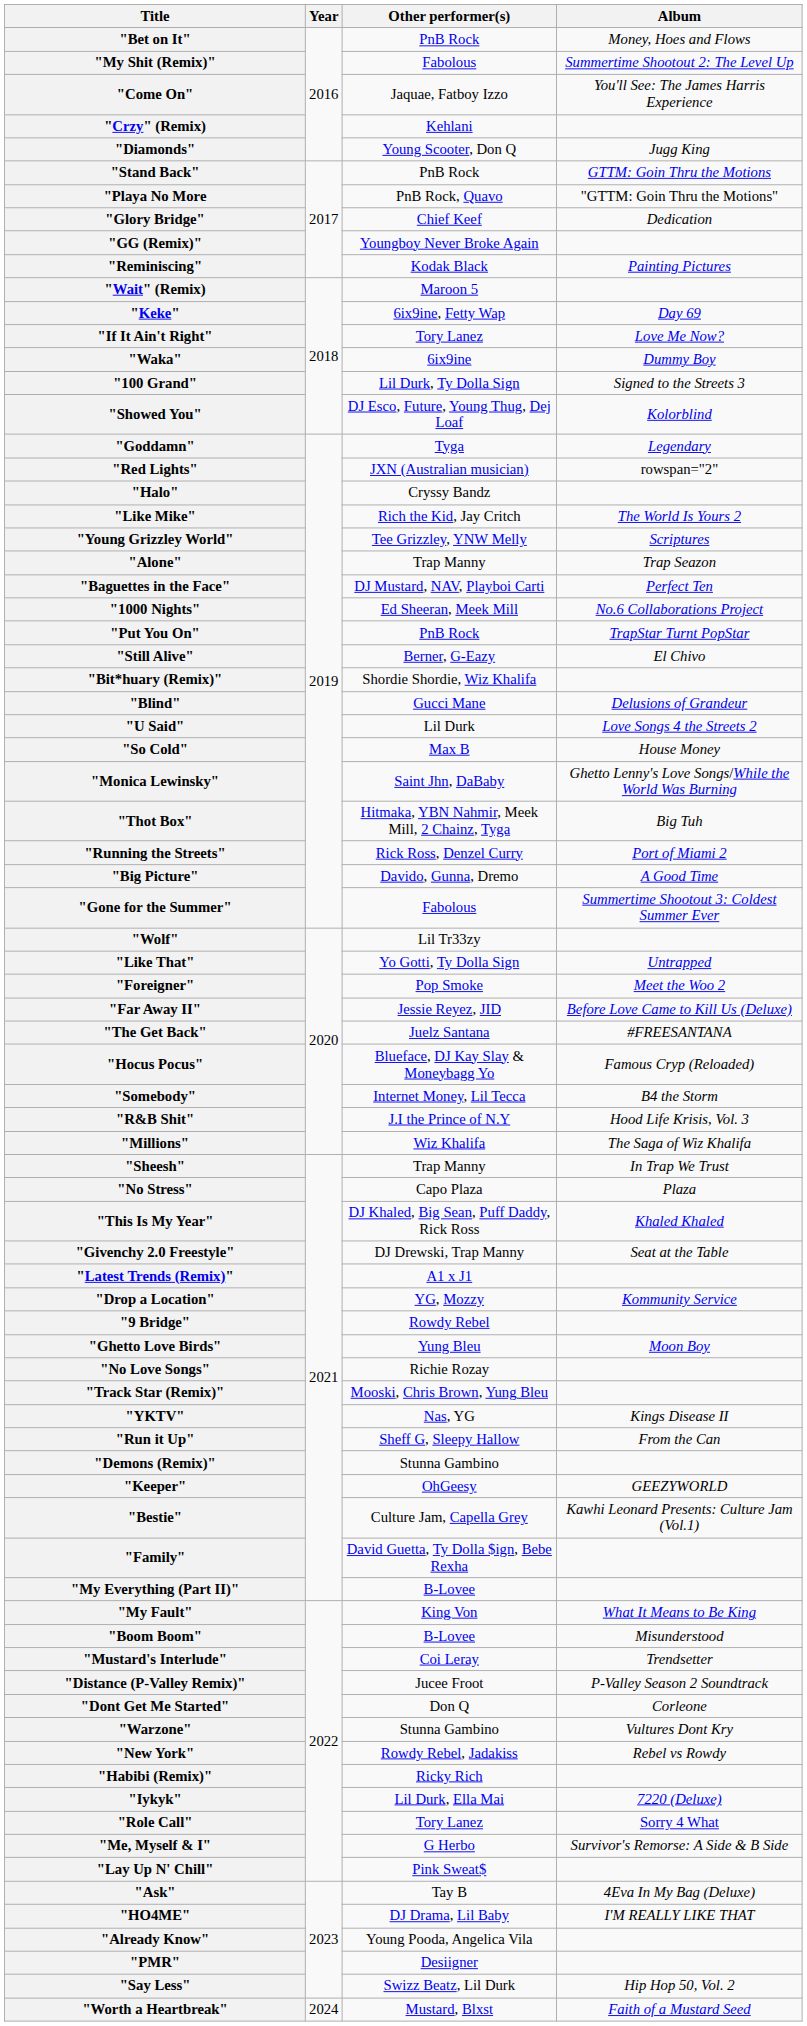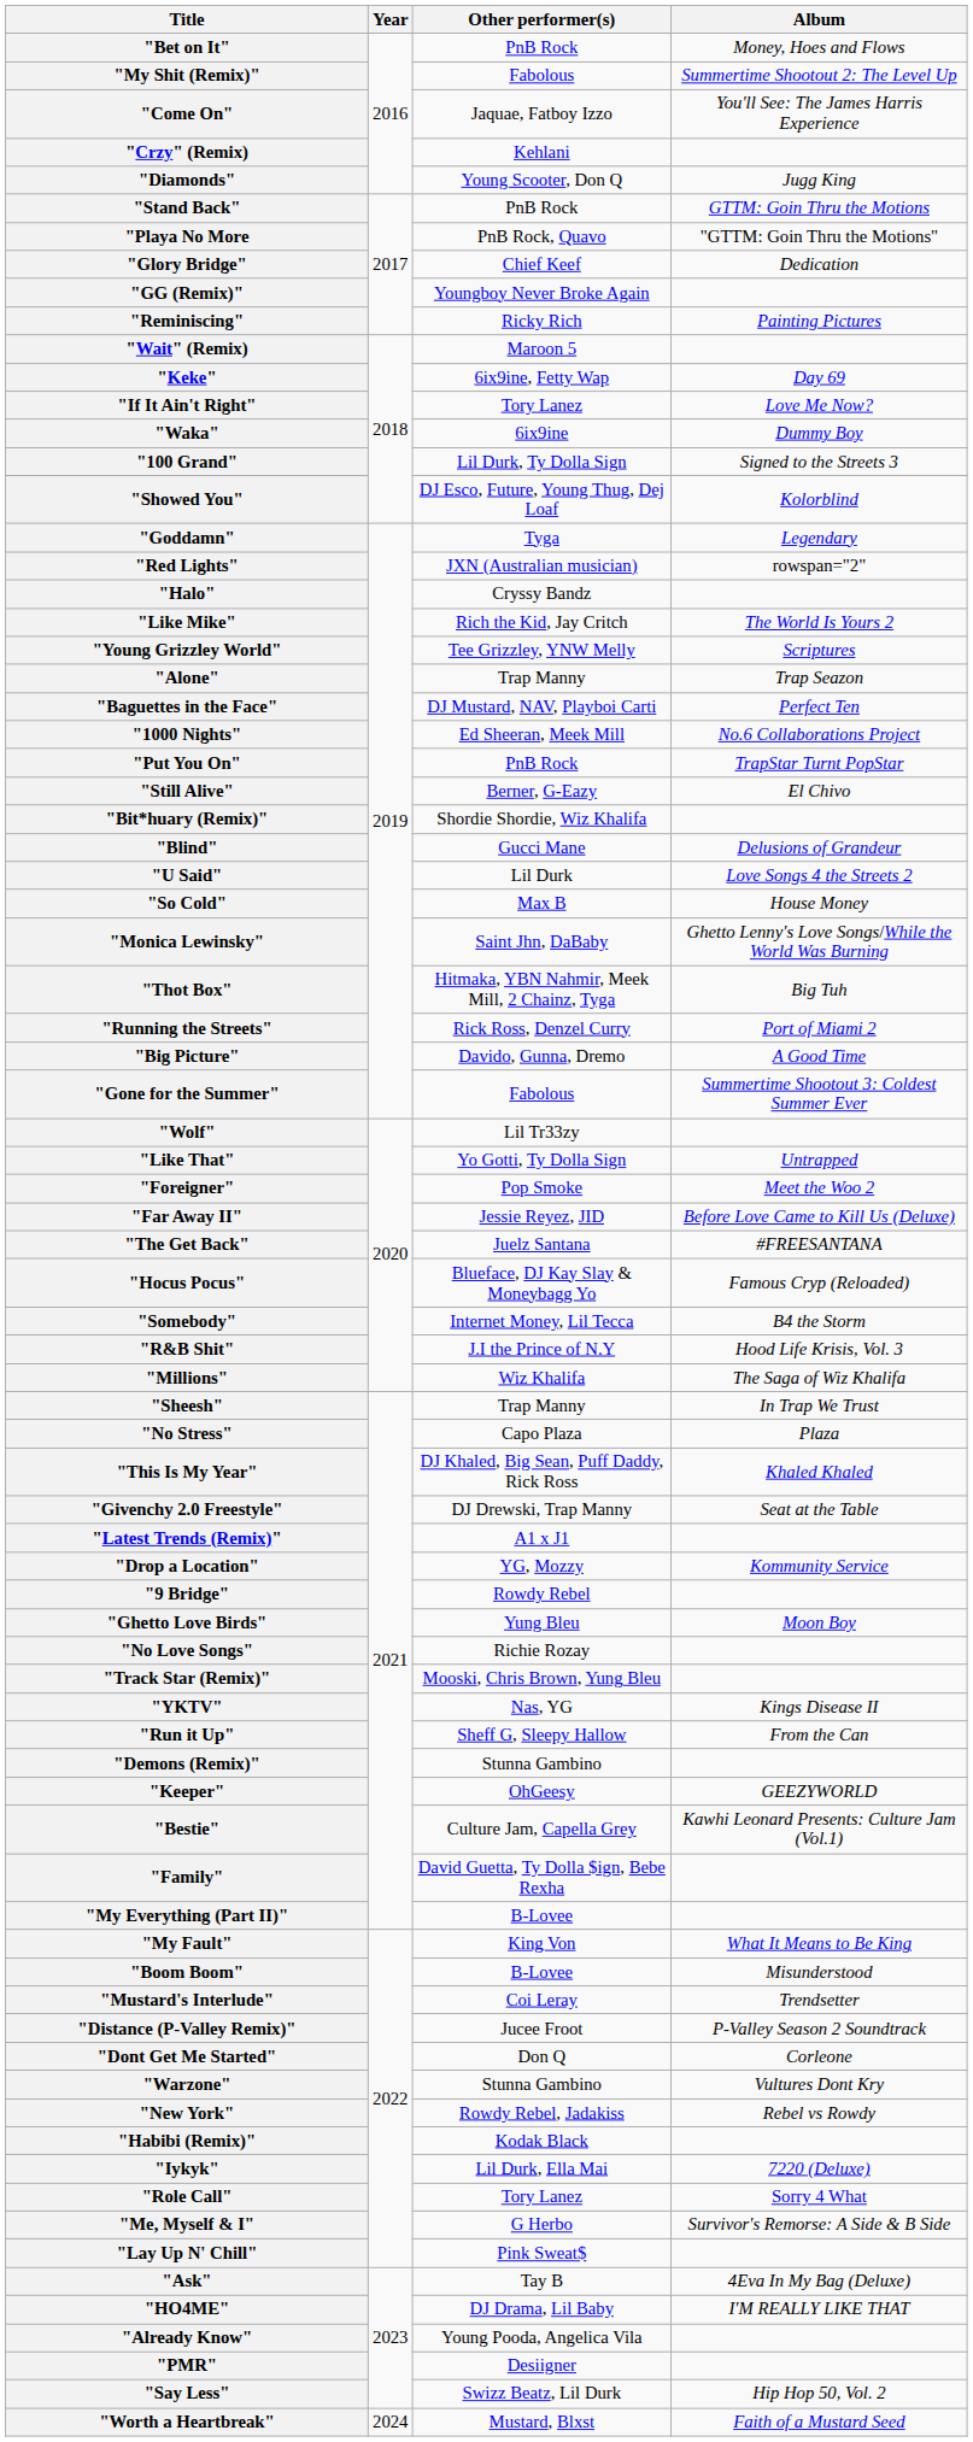 <table class="wikitable plainrowheaders" style="text-align:center;">
 <tr>
 <th scope="col" style="width:20em;">Title</th>
 <th scope="col">Year</th>
 <th scope="col">Other performer(s)</th>
 <th scope="col">Album</th>
 </tr>
 <tr>
 <th scope="row">"Bet on It"</th>
 <td rowspan="5">2016</td>
 <td><a href='#'>PnB Rock</a></td>
 <td><em>Money, Hoes and Flows</em></td>
 </tr>
 <tr>
 <th scope="row">"My Shit (Remix)"</th>
 <td><a href='#'>Fabolous</a></td>
 <td><em><a href='#'>Summertime Shootout 2: The Level Up</a></em></td>
 </tr>
 <tr>
 <th scope="row">"Come On"</th>
 <td>Jaquae, Fatboy Izzo</td>
 <td><em>You'll See: The James Harris Experience</em></td>
 </tr>
 <tr>
 <th scope="row">"<a href='#'>Crzy</a>" (Remix)</th>
 <td><a href='#'>Kehlani</a></td>
 <td></td>
 </tr>
 <tr>
 <th scope="row">"Diamonds"</th>
 <td><a href='#'>Young Scooter</a>, Don Q</td>
 <td><em>Jugg King</em></td>
 </tr>
 <tr>
 <th scope="row">"Stand Back"</th>
 <td rowspan="5">2017</td>
 <td>PnB Rock</td>
 <td><em><a href='#'>GTTM: Goin Thru the Motions</a></em></td>
 </tr>
 <tr>
 <th scope="row">"Playa No More</th>
 <td>PnB Rock, <a href='#'>Quavo</a></td>
 <td>"GTTM: Goin Thru the Motions"</td>
 </tr>
 <tr>
 <th scope="row">"Glory Bridge"</th>
 <td><a href='#'>Chief Keef</a></td>
 <td><em>Dedication</em></td>
 </tr>
 <tr>
 <th scope="row">"GG (Remix)"</th>
 <td><a href='#'>Youngboy Never Broke Again</a></td>
 <td></td>
 </tr>
 <tr>
 <th scope="row">"Reminiscing"</th>
-<td><a href='#'>Kodak Black</a></td>
+<td><a href='#'>Ricky Rich</a></td>
 <td><em><a href='#'>Painting Pictures</a></em></td>
 </tr>
 <tr>
 <th scope="row">"<a href='#'>Wait</a>" (Remix)</th>
 <td rowspan="6">2018</td>
 <td><a href='#'>Maroon 5</a></td>
 <td></td>
 </tr>
 <tr>
 <th scope="row">"<a href='#'>Keke</a>"</th>
 <td><a href='#'>6ix9ine</a>, <a href='#'>Fetty Wap</a></td>
 <td><em><a href='#'>Day 69</a></em></td>
 </tr>
 <tr>
 <th scope="row">"If It Ain't Right"</th>
 <td><a href='#'>Tory Lanez</a></td>
 <td><em><a href='#'>Love Me Now?</a></em></td>
 </tr>
 <tr>
 <th scope="row">"Waka"</th>
 <td><a href='#'>6ix9ine</a></td>
 <td><em><a href='#'>Dummy Boy</a></em></td>
 </tr>
 <tr>
 <th scope="row">"100 Grand"</th>
 <td><a href='#'>Lil Durk</a>, <a href='#'>Ty Dolla Sign</a></td>
 <td><em>Signed to the Streets 3</em></td>
 </tr>
 <tr>
 <th scope="row">"Showed You"</th>
 <td><a href='#'>DJ Esco</a>, <a href='#'>Future</a>, <a href='#'>Young Thug</a>, <a href='#'>Dej Loaf</a></td>
 <td><em><a href='#'>Kolorblind</a></em></td>
 </tr>
 <tr>
 <th scope="row">"Goddamn"</th>
 <td rowspan="19">2019</td>
 <td><a href='#'>Tyga</a></td>
 <td><em><a href='#'>Legendary</a></em></td>
 </tr>
 <tr>
 <th scope="row">"Red Lights"</th>
 <td><a href='#'>JXN (Australian musician)</a></td>
 <td>rowspan="2" </td>
 </tr>
 <tr>
 <th scope="row">"Halo"</th>
 <td>Cryssy Bandz</td>
 </tr>
 <tr>
 <th scope="row">"Like Mike"</th>
 <td><a href='#'>Rich the Kid</a>, Jay Critch</td>
 <td><em><a href='#'>The World Is Yours 2</a></em></td>
 </tr>
 <tr>
 <th scope="row">"Young Grizzley World"</th>
 <td><a href='#'>Tee Grizzley</a>, <a href='#'>YNW Melly</a></td>
 <td><em><a href='#'>Scriptures</a></em></td>
 </tr>
 <tr>
 <th scope="row">"Alone"</th>
 <td>Trap Manny</td>
 <td><em>Trap Seazon</em></td>
 </tr>
 <tr>
 <th scope="row">"Baguettes in the Face"</th>
 <td><a href='#'>DJ Mustard</a>, <a href='#'>NAV</a>, <a href='#'>Playboi Carti</a></td>
 <td><em><a href='#'>Perfect Ten</a></em></td>
 </tr>
 <tr>
 <th scope="row">"1000 Nights"</th>
 <td><a href='#'>Ed Sheeran</a>, <a href='#'>Meek Mill</a></td>
 <td><em><a href='#'>No.6 Collaborations Project</a></em></td>
 </tr>
 <tr>
 <th scope="row">"Put You On"</th>
 <td><a href='#'>PnB Rock</a></td>
 <td><em><a href='#'>TrapStar Turnt PopStar</a></em></td>
 </tr>
 <tr>
 <th scope="row">"Still Alive"</th>
 <td><a href='#'>Berner</a>, <a href='#'>G-Eazy</a></td>
 <td><em>El Chivo</em></td>
 </tr>
 <tr>
 <th scope="row">"Bit*huary (Remix)"</th>
 <td>Shordie Shordie, <a href='#'>Wiz Khalifa</a></td>
 <td></td>
 </tr>
 <tr>
 <th scope="row">"Blind"</th>
 <td><a href='#'>Gucci Mane</a></td>
 <td><em><a href='#'>Delusions of Grandeur</a></em></td>
 </tr>
 <tr>
 <th scope="row">"U Said"</th>
 <td>Lil Durk</td>
 <td><em><a href='#'>Love Songs 4 the Streets 2</a></em></td>
 </tr>
 <tr>
 <th scope="row">"So Cold"</th>
 <td><a href='#'>Max B</a></td>
 <td><em>House Money</em></td>
 </tr>
 <tr>
 <th scope="row">"Monica Lewinsky"</th>
 <td><a href='#'>Saint Jhn</a>, <a href='#'>DaBaby</a></td>
 <td><em>Ghetto Lenny's Love Songs</em>/<em><a href='#'>While the World Was Burning</a></em></td>
 </tr>
 <tr>
 <th scope="row">"Thot Box"</th>
 <td><a href='#'>Hitmaka</a>, <a href='#'>YBN Nahmir</a>, Meek Mill, <a href='#'>2 Chainz</a>, <a href='#'>Tyga</a></td>
 <td><em>Big Tuh</em></td>
 </tr>
 <tr>
 <th scope="row">"Running the Streets"</th>
 <td><a href='#'>Rick Ross</a>, <a href='#'>Denzel Curry</a></td>
 <td><em><a href='#'>Port of Miami 2</a></em></td>
 </tr>
 <tr>
 <th scope="row">"Big Picture"</th>
 <td><a href='#'>Davido</a>, <a href='#'>Gunna</a>, Dremo</td>
 <td><em><a href='#'>A Good Time</a></em></td>
 </tr>
 <tr>
 <th scope="row">"Gone for the Summer"</th>
 <td><a href='#'>Fabolous</a></td>
 <td><em><a href='#'>Summertime Shootout 3: Coldest Summer Ever</a></em></td>
 </tr>
 <tr>
 <th scope="row">"Wolf"</th>
 <td rowspan="9">2020</td>
 <td>Lil Tr33zy</td>
 <td></td>
 </tr>
 <tr>
 <th scope="row">"Like That"</th>
 <td><a href='#'>Yo Gotti</a>, <a href='#'>Ty Dolla Sign</a></td>
 <td><em><a href='#'>Untrapped</a></em></td>
 </tr>
 <tr>
 <th scope="row">"Foreigner"</th>
 <td><a href='#'>Pop Smoke</a></td>
 <td><em><a href='#'>Meet the Woo 2</a></em></td>
 </tr>
 <tr>
 <th scope=row>"Far Away II"</th>
 <td><a href='#'>Jessie Reyez</a>, <a href='#'>JID</a></td>
 <td><em><a href='#'>Before Love Came to Kill Us (Deluxe)</a></em></td>
 </tr>
 <tr>
 <th scope="row">"The Get Back"</th>
 <td><a href='#'>Juelz Santana</a></td>
 <td><em>#FREESANTANA</em></td>
 </tr>
 <tr>
 <th scope="row">"Hocus Pocus"</th>
 <td><a href='#'>Blueface</a>, <a href='#'>DJ Kay Slay</a> & <a href='#'>Moneybagg Yo</a></td>
 <td><em>Famous Cryp (Reloaded)</em></td>
 </tr>
 <tr>
 <th scope="row">"Somebody"</th>
 <td><a href='#'>Internet Money</a>, <a href='#'>Lil Tecca</a></td>
 <td><em>B4 the Storm</em></td>
 </tr>
 <tr>
 <th scope="row">"R&B Shit"</th>
 <td><a href='#'>J.I the Prince of N.Y</a></td>
 <td><em>Hood Life Krisis, Vol. 3</em></td>
 </tr>
 <tr>
 <th scope="row">"Millions"</th>
 <td><a href='#'>Wiz Khalifa</a></td>
 <td><em>The Saga of Wiz Khalifa</em></td>
 </tr>
 <tr>
 <th scope="row">"Sheesh"</th>
 <td rowspan="17">2021</td>
 <td>Trap Manny</td>
 <td><em>In Trap We Trust</em></td>
 </tr>
 <tr>
 <th scope="row">"No Stress"</th>
 <td>Capo Plaza</td>
 <td><em>Plaza</em></td>
 </tr>
 <tr>
 <th scope="row">"This Is My Year"</th>
 <td><a href='#'>DJ Khaled</a>, <a href='#'>Big Sean</a>, <a href='#'>Puff Daddy</a>, Rick Ross</td>
 <td><em><a href='#'>Khaled Khaled</a></em></td>
 </tr>
 <tr>
 <th scope="row">"Givenchy 2.0 Freestyle"</th>
 <td>DJ Drewski, Trap Manny</td>
 <td><em>Seat at the Table</em></td>
 </tr>
 <tr>
 <th scope="row">"<a href='#'>Latest Trends (Remix)</a>"</th>
 <td><a href='#'>A1 x J1</a></td>
 <td></td>
 </tr>
 <tr>
 <th scope="row">"Drop a Location"</th>
 <td><a href='#'>YG</a>, <a href='#'>Mozzy</a></td>
 <td><em><a href='#'>Kommunity Service</a></em></td>
 </tr>
 <tr>
 <th scope="row">"9 Bridge"</th>
 <td><a href='#'>Rowdy Rebel</a></td>
 <td></td>
 </tr>
 <tr>
 <th scope="row">"Ghetto Love Birds"</th>
 <td><a href='#'>Yung Bleu</a></td>
 <td><em><a href='#'>Moon Boy</a></em></td>
 </tr>
 <tr>
 <th scope="row">"No Love Songs"</th>
 <td>Richie Rozay</td>
 <td></td>
 </tr>
 <tr>
 <th scope="row">"Track Star (Remix)"</th>
 <td><a href='#'>Mooski</a>, <a href='#'>Chris Brown</a>, <a href='#'>Yung Bleu</a></td>
 <td></td>
 </tr>
 <tr>
 <th scope="row">"YKTV"</th>
 <td><a href='#'>Nas</a>, YG</td>
 <td><em>Kings Disease II</em></td>
 </tr>
 <tr>
 <th scope="row">"Run it Up"</th>
 <td><a href='#'>Sheff G</a>, <a href='#'>Sleepy Hallow</a></td>
 <td><em>From the Can</em></td>
 </tr>
 <tr>
 <th scope="row">"Demons (Remix)"</th>
 <td>Stunna Gambino</td>
 <td></td>
 </tr>
 <tr>
 <th scope="row">"Keeper"</th>
 <td><a href='#'>OhGeesy</a></td>
 <td><em>GEEZYWORLD</em></td>
 </tr>
 <tr>
 <th scope="row">"Bestie"</th>
 <td>Culture Jam, <a href='#'>Capella Grey</a></td>
 <td><em>Kawhi Leonard Presents: Culture Jam (Vol.1)</em></td>
 </tr>
 <tr>
 <th scope="row">"Family"</th>
 <td><a href='#'>David Guetta</a>, <a href='#'>Ty Dolla $ign</a>, <a href='#'>Bebe Rexha</a></td>
 <td></td>
 </tr>
 <tr>
 <th scope="row">"My Everything (Part II)"</th>
 <td><a href='#'>B-Lovee</a></td>
 <td></td>
 </tr>
 <tr>
 <th scope="row">"My Fault"</th>
 <td rowspan="12">2022</td>
 <td><a href='#'>King Von</a></td>
 <td><em><a href='#'>What It Means to Be King</a></em></td>
 </tr>
 <tr>
 <th scope="row">"Boom Boom"</th>
 <td><a href='#'>B-Lovee</a></td>
 <td><em>Misunderstood</em></td>
 </tr>
 <tr>
 <th scope="row">"Mustard's Interlude"</th>
 <td><a href='#'>Coi Leray</a></td>
 <td><em>Trendsetter</em></td>
 </tr>
 <tr>
 <th scope="row">"Distance (P-Valley Remix)"</th>
 <td>Jucee Froot</td>
 <td><em>P-Valley Season 2 Soundtrack</em></td>
 </tr>
 <tr>
 <th scope="row">"Dont Get Me Started"</th>
 <td>Don Q</td>
 <td><em>Corleone</em></td>
 </tr>
 <tr>
 <th scope="row">"Warzone"</th>
 <td>Stunna Gambino</td>
 <td><em>Vultures Dont Kry</em></td>
 </tr>
 <tr>
 <th scope="row">"New York"</th>
 <td><a href='#'>Rowdy Rebel</a>, <a href='#'>Jadakiss</a></td>
 <td><em>Rebel vs Rowdy</em></td>
 </tr>
 <tr>
 <th scope="row">"Habibi (Remix)"</th>
-<td><a href='#'>Ricky Rich</a></td>
+<td><a href='#'>Kodak Black</a></td>
 <td></td>
 </tr>
 <tr>
 <th scope="row">"Iykyk"</th>
 <td><a href='#'>Lil Durk</a>, <a href='#'>Ella Mai</a></td>
 <td><em><a href='#'>7220 (Deluxe)</a></em></td>
 </tr>
 <tr>
 <th scope="row">"Role Call"</th>
 <td><a href='#'>Tory Lanez</a></td>
 <td><a href='#'>Sorry 4 What</a></td>
 </tr>
 <tr>
 <th scope="row">"Me, Myself & I"</th>
 <td><a href='#'>G Herbo</a></td>
 <td><em>Survivor's Remorse: A Side & B Side</em></td>
 </tr>
 <tr>
 <th scope="row">"Lay Up N' Chill"</th>
 <td><a href='#'>Pink Sweat$</a></td>
 <td></td>
 </tr>
 <tr>
 <th scope="row">"Ask"</th>
 <td rowspan="5">2023</td>
 <td>Tay B</td>
 <td><em>4Eva In My Bag (Deluxe)</em></td>
 </tr>
 <tr>
 <th scope="row">"HO4ME"</th>
 <td><a href='#'>DJ Drama</a>, <a href='#'>Lil Baby</a></td>
 <td><em>I'M REALLY LIKE THAT</em></td>
 </tr>
 <tr>
 <th scope="row">"Already Know"</th>
 <td>Young Pooda, Angelica Vila</td>
 <td></td>
 </tr>
 <tr>
 <th scope="row">"PMR"</th>
 <td><a href='#'>Desiigner</a></td>
 <td></td>
 </tr>
 <tr>
 <th scope="row">"Say Less"</th>
 <td><a href='#'>Swizz Beatz</a>, Lil Durk</td>
 <td><em>Hip Hop 50, Vol. 2</em></td>
 </tr>
 <tr>
 <th scope="row">"Worth a Heartbreak"</th>
 <td>2024</td>
 <td><a href='#'>Mustard</a>, <a href='#'>Blxst</a></td>
 <td><em><a href='#'>Faith of a Mustard Seed</a></em></td>
 </tr>
 </table>
